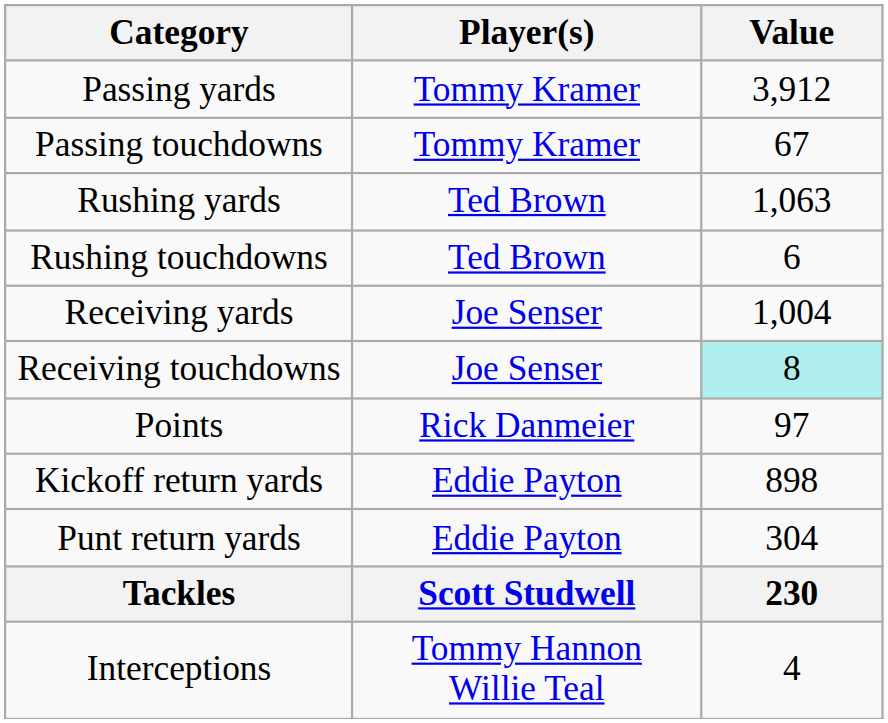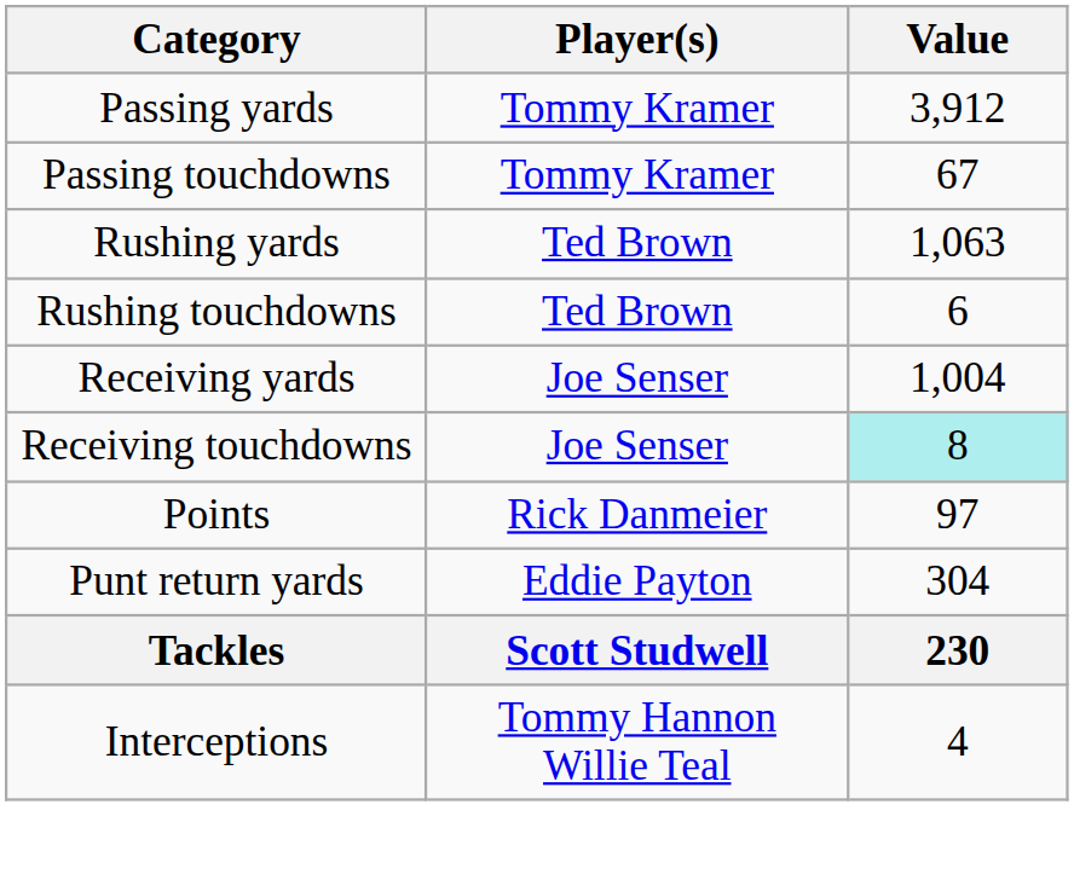 <table class="wikitable" style="text-align:center">
 <tr>
 <th width=150px>Category</th>
 <th width=150px>Player(s)</th>
 <th width=75px>Value</th>
 </tr>
 <tr>
 <td>Passing yards</td>
 <td><a href='#'>Tommy Kramer</a></td>
 <td>3,912</td>
 </tr>
 <tr>
 <td>Passing touchdowns</td>
 <td><a href='#'>Tommy Kramer</a></td>
 <td>67</td>
 </tr>
 <tr>
 <td>Rushing yards</td>
 <td><a href='#'>Ted Brown</a></td>
 <td>1,063</td>
 </tr>
 <tr>
 <td>Rushing touchdowns</td>
 <td><a href='#'>Ted Brown</a></td>
 <td>6</td>
 </tr>
 <tr>
 <td>Receiving yards</td>
 <td><a href='#'>Joe Senser</a></td>
 <td>1,004</td>
 </tr>
 <tr>
 <td>Receiving touchdowns</td>
 <td><a href='#'>Joe Senser</a></td>
 <td style="background: paleturquoise;">8</td>
 </tr>
 <tr>
 <td>Points</td>
 <td><a href='#'>Rick Danmeier</a></td>
 <td>97</td>
 </tr>
 <tr>
-<td>Kickoff return yards</td>
-<td><a href='#'>Eddie Payton</a></td>
-<td>898</td>
-</tr>
-<tr>
 <td>Punt return yards</td>
 <td><a href='#'>Eddie Payton</a></td>
 <td>304</td>
 </tr>
 <tr>
 <th>Tackles</th>
 <th><a href='#'>Scott Studwell</a></th>
 <th>230</th>
 </tr>
 <tr>
 <td>Interceptions</td>
 <td><a href='#'>Tommy Hannon</a> <br> <a href='#'>Willie Teal</a></td>
 <td>4</td>
 </tr>
 </table>
